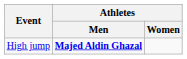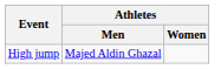 <table class=wikitable style="font-size:90%">
 <tr>
 <th rowspan=2>Event</th>
 <th colspan=2>Athletes</th>
 </tr>
 <tr>
 <th>Men</th>
 <th>Women</th>
 </tr>
 <tr>
 <td><a href='#'>High jump</a></td>
-<td><strong><a href='#'>Majed Aldin Ghazal</a></strong></td>
+<td><a href='#'>Majed Aldin Ghazal</a></td>
 <td></td>
 </tr>
 </table>
